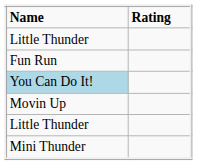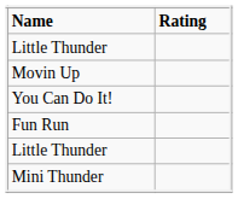 <table class="wikitable" style="margin:10px; float:left; border: inset; border-collapse:collapse;" border="2" width="17.5%">
 <tr>
 <td><strong>Name</strong></td>
 <td><strong>Rating</strong></td>
 </tr>
 <tr>
 <td>Little Thunder</td>
 <td></td>
 </tr>
 <tr>
-<td>Fun Run</td>
+<td>Movin Up</td>
 <td></td>
 </tr>
 <tr>
-<td style="background: lightblue;">You Can Do It!</td>
+<td>You Can Do It!</td>
 <td></td>
 </tr>
 <tr>
-<td>Movin Up</td>
+<td>Fun Run</td>
 <td></td>
 </tr>
 <tr>
 <td>Little Thunder</td>
 <td></td>
 </tr>
 <tr>
 <td>Mini Thunder</td>
 <td></td>
 </tr>
 </table>
